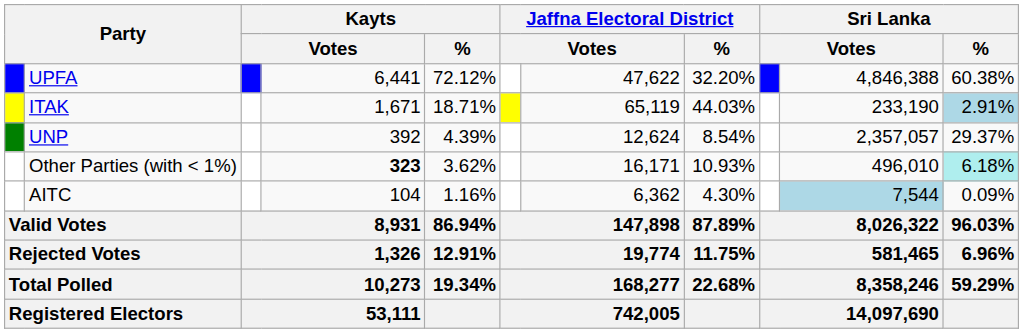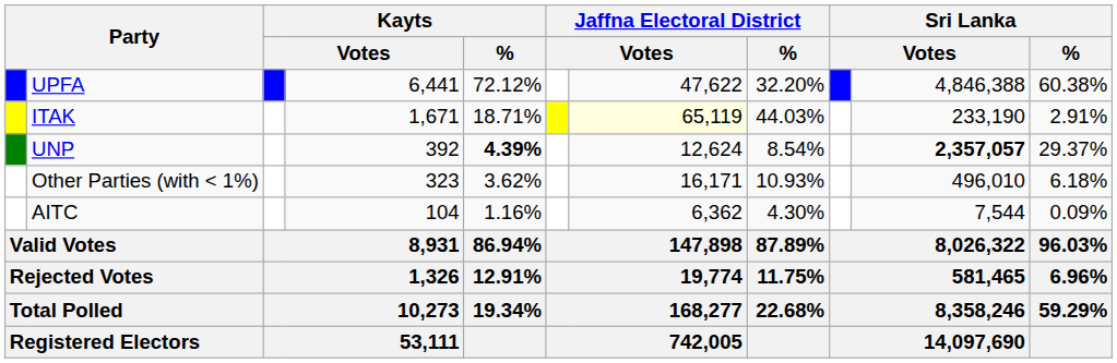 <table class="wikitable">
 <tr>
 <th colspan="2" width="144px"rowspan="2">Party</th>
 <th colspan="3" width="216px">Kayts</th>
 <th colspan="3" width="216px"><a href='#'>Jaffna Electoral District</a></th>
 <th colspan="3" width="216px">Sri Lanka</th>
 </tr>
 <tr>
 <th colspan="2" width="144px">Votes</th>
 <th>%</th>
 <th colspan="2" width="144px">Votes</th>
 <th>%</th>
 <th colspan="2" width="144px">Votes</th>
 <th>%</th>
 </tr>
 <tr>
 <td style="background-color:blue;" width="10px"></td>
 <td style="text-align:left;"><a href='#'>UPFA</a></td>
 <td style="background-color:blue;" width="10px"></td>
 <td style="text-align:right;">6,441</td>
 <td style="text-align:right;">72.12%</td>
 <td style="background-color:white;" width="10px"></td>
 <td style="text-align:right;">47,622</td>
 <td style="text-align:right;">32.20%</td>
 <td style="background-color:blue;" width="10px"></td>
 <td style="text-align:right;">4,846,388</td>
 <td style="text-align:right;">60.38%</td>
 </tr>
 <tr>
 <td style="background-color:yellow;" width="10px"></td>
 <td style="text-align:left;"><a href='#'>ITAK</a></td>
 <td style="background-color:white;" width="10px"></td>
 <td style="text-align:right;">1,671</td>
 <td style="text-align:right;">18.71%</td>
 <td style="background-color:yellow;" width="10px"></td>
-<td style="text-align:right;">65,119</td>
+<td style="background: lightyellow; text-align:right;">65,119</td>
 <td style="text-align:right;">44.03%</td>
 <td style="background-color:white;" width="10px"></td>
 <td style="text-align:right;">233,190</td>
-<td style="background: lightblue; text-align:right;">2.91%</td>
+<td style="text-align:right;">2.91%</td>
 </tr>
 <tr>
 <td style="background-color:green;" width="10px"></td>
 <td style="text-align:left;"><a href='#'>UNP</a></td>
 <td style="background-color:white;" width="10px"></td>
 <td style="text-align:right;">392</td>
-<td style="text-align:right;">4.39%</td>
+<td style="text-align:right;"><strong>4.39%</strong></td>
 <td style="background-color:white;" width="10px"></td>
 <td style="text-align:right;">12,624</td>
 <td style="text-align:right;">8.54%</td>
 <td style="background-color:white;" width="10px"></td>
-<td style="text-align:right;">2,357,057</td>
+<td style="text-align:right;"><strong>2,357,057</strong></td>
 <td style="text-align:right;">29.37%</td>
 </tr>
 <tr>
 <td style="background-color:white;" width="10px"></td>
 <td style="text-align:left;">Other Parties (with < 1%)</td>
 <td style="background-color:white;" width="10px"></td>
-<td style="text-align:right;"><strong>323</strong></td>
+<td style="text-align:right;">323</td>
 <td style="text-align:right;">3.62%</td>
 <td style="background-color:white;" width="10px"></td>
 <td style="text-align:right;">16,171</td>
 <td style="text-align:right;">10.93%</td>
 <td style="background-color:white;" width="10px"></td>
 <td style="text-align:right;">496,010</td>
-<td style="background: paleturquoise; text-align:right;">6.18%</td>
+<td style="text-align:right;">6.18%</td>
 </tr>
 <tr>
 <td style="background-color:white;" width="10px"></td>
 <td style="text-align:left;">AITC</td>
 <td style="background-color:white;" width="10px"></td>
 <td style="text-align:right;">104</td>
 <td style="text-align:right;">1.16%</td>
 <td style="background-color:white;" width="10px"></td>
 <td style="text-align:right;">6,362</td>
 <td style="text-align:right;">4.30%</td>
 <td style="background-color:white;" width="10px"></td>
-<td style="background: lightblue; text-align:right;">7,544</td>
+<td style="text-align:right;">7,544</td>
 <td style="text-align:right;">0.09%</td>
 </tr>
 <tr>
 <th colspan="2" width="144px"style="text-align:left;">Valid Votes</th>
 <th style="text-align:right;"colspan="2" width="144px">8,931</th>
 <th style="text-align:right;">86.94%</th>
 <th style="text-align:right;"colspan="2" width="144px">147,898</th>
 <th style="text-align:right;">87.89%</th>
 <th style="text-align:right;"colspan="2" width="144px">8,026,322</th>
 <th style="text-align:right;">96.03%</th>
 </tr>
 <tr>
 <th colspan="2" width="144px"style="text-align:left;">Rejected Votes</th>
 <th style="text-align:right;"colspan="2" width="144px">1,326</th>
 <th style="text-align:right;">12.91%</th>
 <th style="text-align:right;"colspan="2" width="144px">19,774</th>
 <th style="text-align:right;">11.75%</th>
 <th style="text-align:right;"colspan="2" width="144px">581,465</th>
 <th style="text-align:right;">6.96%</th>
 </tr>
 <tr>
 <th colspan="2" width="144px"style="text-align:left;">Total Polled</th>
 <th style="text-align:right;"colspan="2" width="144px">10,273</th>
 <th style="text-align:right;">19.34%</th>
 <th style="text-align:right;"colspan="2" width="144px">168,277</th>
 <th style="text-align:right;">22.68%</th>
 <th style="text-align:right;"colspan="2" width="144px">8,358,246</th>
 <th style="text-align:right;">59.29%</th>
 </tr>
 <tr>
 <th colspan="2" width="144px"style="text-align:left;">Registered Electors</th>
 <th style="text-align:right;"colspan="2" width="144px">53,111</th>
 <th></th>
 <th style="text-align:right;"colspan="2" width="144px">742,005</th>
 <th></th>
 <th style="text-align:right;"colspan="2" width="144px">14,097,690</th>
 <th></th>
 </tr>
 </table>
